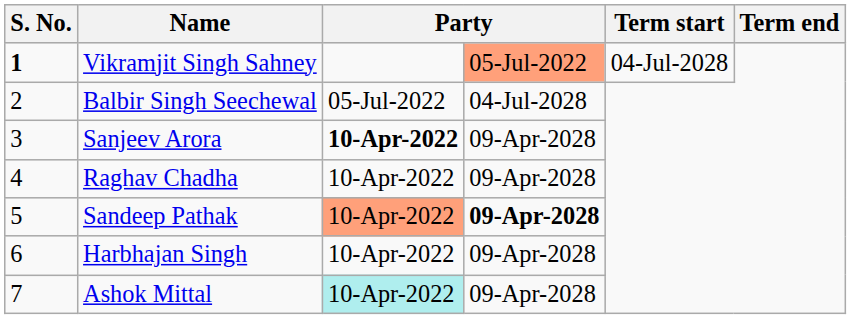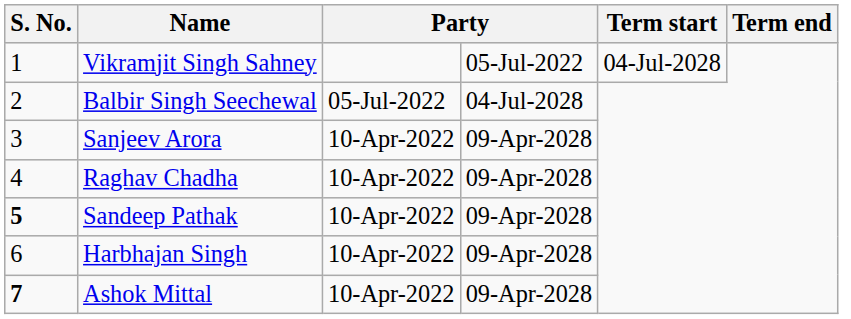 <table class="wikitable">
 <tr>
 <th>S. No.</th>
 <th>Name</th>
 <th colspan="2">Party</th>
 <th>Term start</th>
 <th>Term end</th>
 </tr>
 <tr>
-<td><strong>1</strong></td>
+<td>1</td>
 <td><a href='#'>Vikramjit Singh Sahney</a></td>
 <td></td>
-<td style="background: lightsalmon;">05-Jul-2022</td>
+<td>05-Jul-2022</td>
 <td>04-Jul-2028</td>
 </tr>
 <tr>
 <td>2</td>
 <td><a href='#'>Balbir Singh Seechewal</a></td>
 <td>05-Jul-2022</td>
 <td>04-Jul-2028</td>
 </tr>
 <tr>
 <td>3</td>
 <td><a href='#'>Sanjeev Arora</a></td>
-<td><strong>10-Apr-2022</strong></td>
+<td>10-Apr-2022</td>
 <td>09-Apr-2028</td>
 </tr>
 <tr>
 <td>4</td>
 <td><a href='#'>Raghav Chadha</a></td>
 <td>10-Apr-2022</td>
 <td>09-Apr-2028</td>
 </tr>
 <tr>
-<td>5</td>
+<td><strong>5</strong></td>
 <td><a href='#'>Sandeep Pathak</a></td>
-<td style="background: lightsalmon;">10-Apr-2022</td>
-<td><strong>09-Apr-2028</strong></td>
+<td>10-Apr-2022</td>
+<td>09-Apr-2028</td>
 </tr>
 <tr>
 <td>6</td>
 <td><a href='#'>Harbhajan Singh</a></td>
 <td>10-Apr-2022</td>
 <td>09-Apr-2028</td>
 </tr>
 <tr>
-<td>7</td>
+<td><strong>7</strong></td>
 <td><a href='#'>Ashok Mittal</a></td>
-<td style="background: paleturquoise;">10-Apr-2022</td>
+<td>10-Apr-2022</td>
 <td>09-Apr-2028</td>
 </tr>
 </table>
